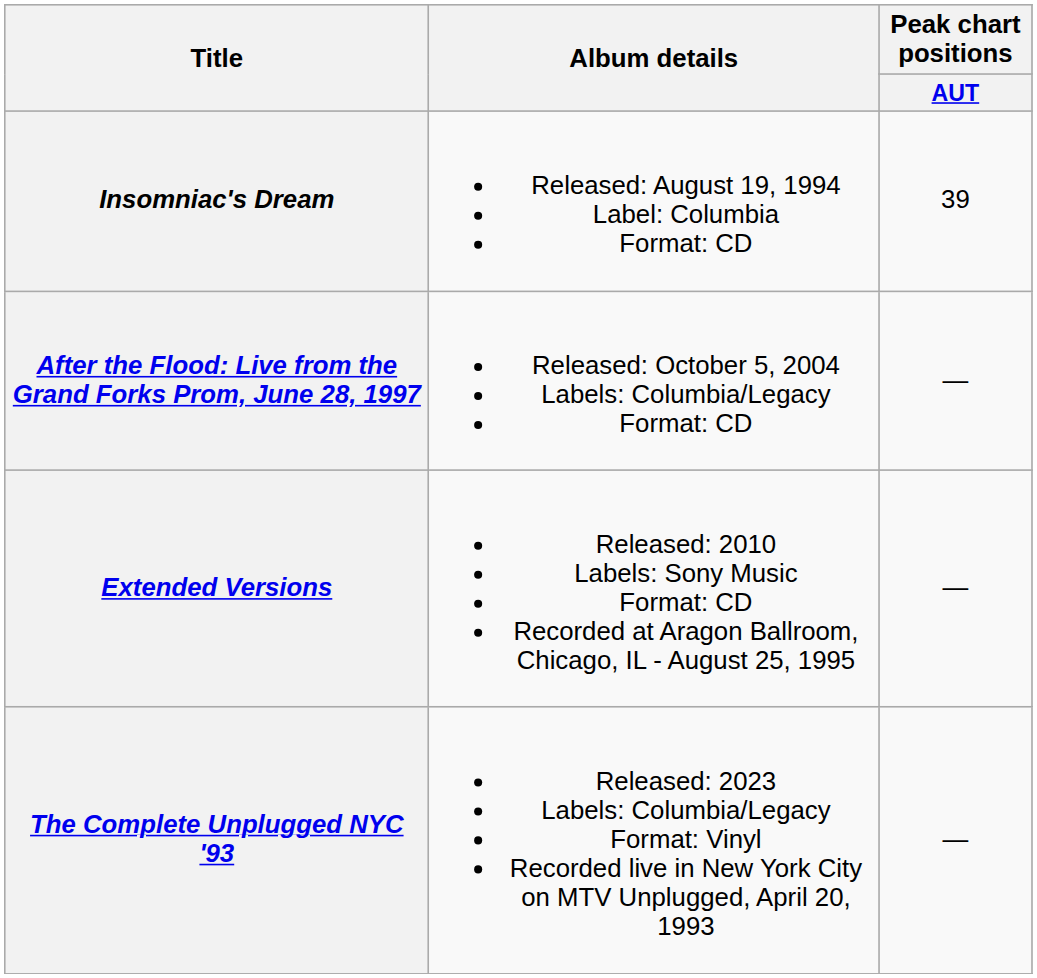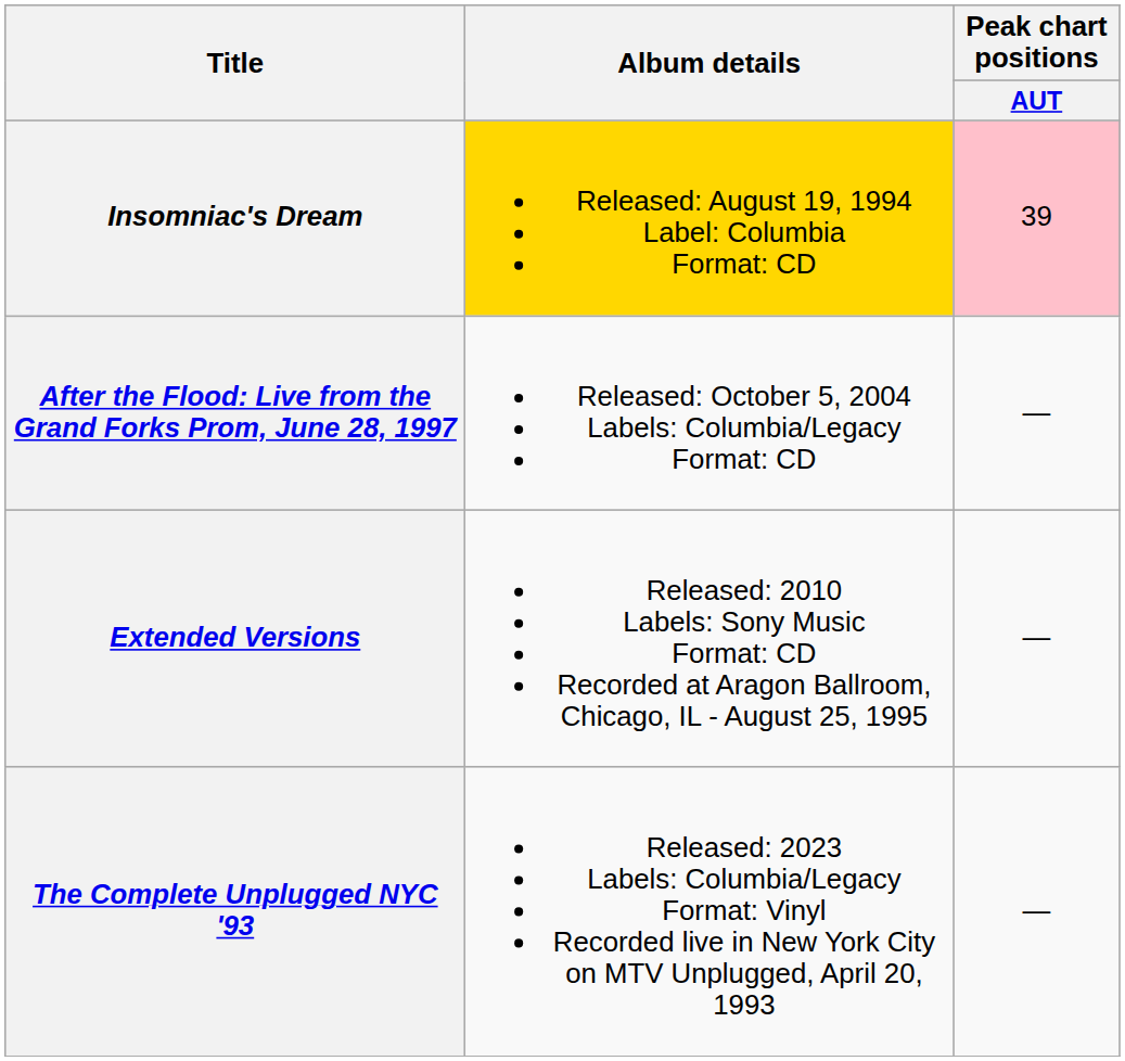 <table class="wikitable plainrowheaders" style="text-align:center;">
 <tr>
 <th scope="col" rowspan="2" style="width:16em;">Title</th>
 <th scope="col" rowspan="2" style="width:17em;">Album details</th>
 <th scope="col" colspan="5" style="width:5.5em;">Peak chart positions</th>
 </tr>
 <tr>
 <th style="width:3em; font-size:90%;"><a href='#'>AUT</a><br></th>
 </tr>
 <tr>
 <th scope="row"><em>Insomniac's Dream</em></th>
-<td><br><ul><li>Released: August 19, 1994</li><li>Label: Columbia</li><li>Format: CD</li></ul></td>
-<td>39</td>
+<td style="background: gold;"><br><ul><li>Released: August 19, 1994</li><li>Label: Columbia</li><li>Format: CD</li></ul></td>
+<td style="background: pink;">39</td>
 </tr>
 <tr>
 <th scope="row"><em><a href='#'>After the Flood: Live from the Grand Forks Prom, June 28, 1997</a></em></th>
 <td><br><ul><li>Released: October 5, 2004</li><li>Labels: Columbia/Legacy</li><li>Format: CD</li></ul></td>
 <td>—</td>
 </tr>
 <tr>
 <th scope="row"><em><a href='#'>Extended Versions</a></em></th>
 <td><br><ul><li>Released: 2010</li><li>Labels: Sony Music</li><li>Format: CD</li><li>Recorded at Aragon Ballroom, Chicago, IL - August 25, 1995</li></ul></td>
 <td>—</td>
 </tr>
 <tr>
 <th scope="row"><em><a href='#'>The Complete Unplugged NYC '93</a></em></th>
 <td><br><ul><li>Released: 2023</li><li>Labels: Columbia/Legacy</li><li>Format: Vinyl</li><li>Recorded live in New York City on MTV Unplugged, April 20, 1993</li></ul></td>
 <td>—</td>
 </tr>
 <tr>
 </tr>
 </table>
